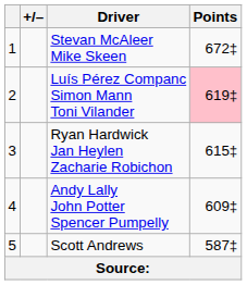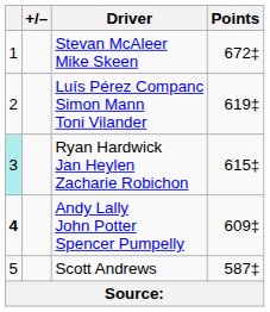 <table class="wikitable" style="font-size: 95%;">
 <tr>
 <th scope="col"></th>
 <th scope="col">+/–</th>
 <th scope="col">Driver</th>
 <th scope="col">Points</th>
 </tr>
 <tr>
 <td align=center>1</td>
 <td align="left"></td>
 <td> <a href='#'>Stevan McAleer</a><br> <a href='#'>Mike Skeen</a></td>
 <td align=right>672‡</td>
 </tr>
 <tr>
 <td align=center>2</td>
 <td align="left"></td>
 <td> <a href='#'>Luís Pérez Companc</a><br> <a href='#'>Simon Mann</a><br> <a href='#'>Toni Vilander</a></td>
-<td align=right style="background: pink;">619‡</td>
+<td align=right>619‡</td>
 </tr>
 <tr>
-<td align=center>3</td>
+<td align=center style="background: paleturquoise;">3</td>
 <td align="left"></td>
 <td> Ryan Hardwick<br> <a href='#'>Jan Heylen</a><br> <a href='#'>Zacharie Robichon</a></td>
 <td align=right>615‡</td>
 </tr>
 <tr>
-<td align=center>4</td>
+<td align=center><strong>4</strong></td>
 <td align="left"></td>
 <td> <a href='#'>Andy Lally</a><br> <a href='#'>John Potter</a><br> <a href='#'>Spencer Pumpelly</a></td>
 <td align=right>609‡</td>
 </tr>
 <tr>
 <td align=center>5</td>
 <td align="left"></td>
 <td> Scott Andrews</td>
 <td align=right>587‡</td>
 </tr>
 <tr>
 <th colspan=5>Source:</th>
 </tr>
 </table>
